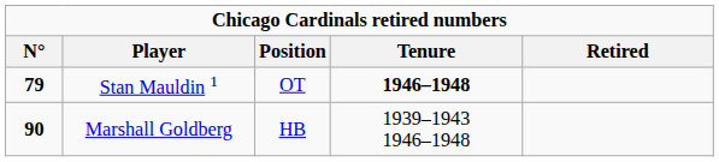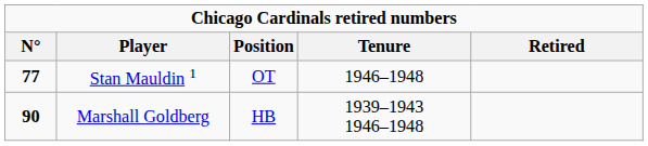 <table class="wikitable sortable" style="text-align:center">
 <tr>
 <td colspan="5"><strong>Chicago Cardinals retired numbers</strong></td>
 </tr>
 <tr>
 <th width="40">N°</th>
 <th width="150">Player</th>
 <th width="40">Position</th>
 <th width="150">Tenure</th>
 <th width="150">Retired</th>
 </tr>
 <tr>
-<td><strong>79</strong></td>
+<td><strong>77</strong></td>
 <td><a href='#'>Stan Mauldin</a> <sup>1</sup></td>
 <td><a href='#'>OT</a></td>
-<td><strong>1946–1948</strong></td>
+<td>1946–1948</td>
 <td></td>
 </tr>
 <tr>
 <td><strong>90</strong></td>
 <td><a href='#'>Marshall Goldberg</a></td>
 <td><a href='#'>HB</a></td>
 <td>1939–1943<br>1946–1948</td>
 <td></td>
 </tr>
 </table>
